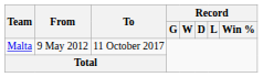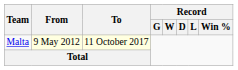 <table class="wikitable" style="text-align: center">
 <tr>
 <th rowspan="2">Team</th>
 <th rowspan="2">From</th>
 <th rowspan="2">To</th>
 <th colspan="5">Record</th>
 </tr>
 <tr>
 <th>G</th>
 <th>W</th>
 <th>D</th>
 <th>L</th>
 <th>Win %</th>
 </tr>
 <tr>
 <td align=left><a href='#'>Malta</a></td>
-<td align=left>9 May 2012</td>
-<td align=left>11 October 2017<br></td>
+<td align=left style="background: lightyellow;">9 May 2012</td>
+<td align=left style="background: lightyellow;">11 October 2017<br></td>
 </tr>
 <tr>
 <th colspan="3">Total<br></th>
 </tr>
 </table>
